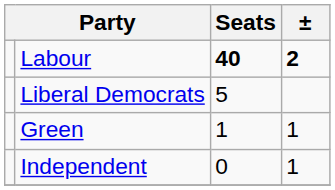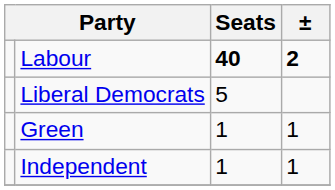 <table class="wikitable">
 <tr>
 <th colspan="2">Party</th>
 <th>Seats</th>
 <th>  ±  </th>
 </tr>
 <tr>
 <td style="background-color: "></td>
 <td><a href='#'>Labour</a></td>
 <td><strong>40</strong></td>
 <td><strong>2</strong></td>
 </tr>
 <tr>
 <td style="background-color: "></td>
 <td><a href='#'>Liberal Democrats</a></td>
 <td>5</td>
 <td></td>
 </tr>
 <tr>
 <td style="background-color: "></td>
 <td><a href='#'>Green</a></td>
 <td>1</td>
 <td>1</td>
 </tr>
 <tr>
 <td style="background-color: "></td>
 <td><a href='#'>Independent</a></td>
-<td>0</td>
+<td>1</td>
 <td>1</td>
 </tr>
 <tr>
 </tr>
 </table>
